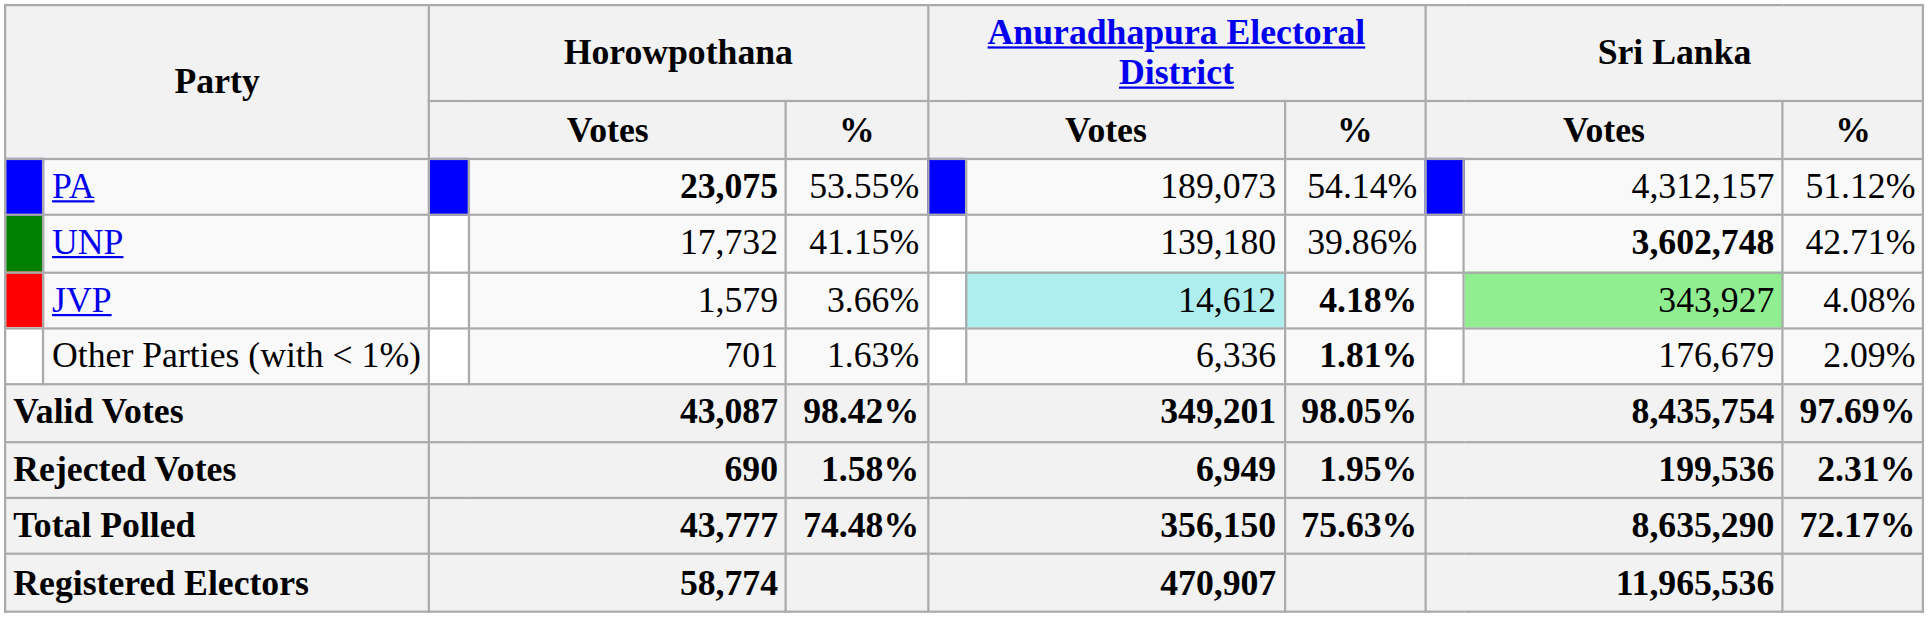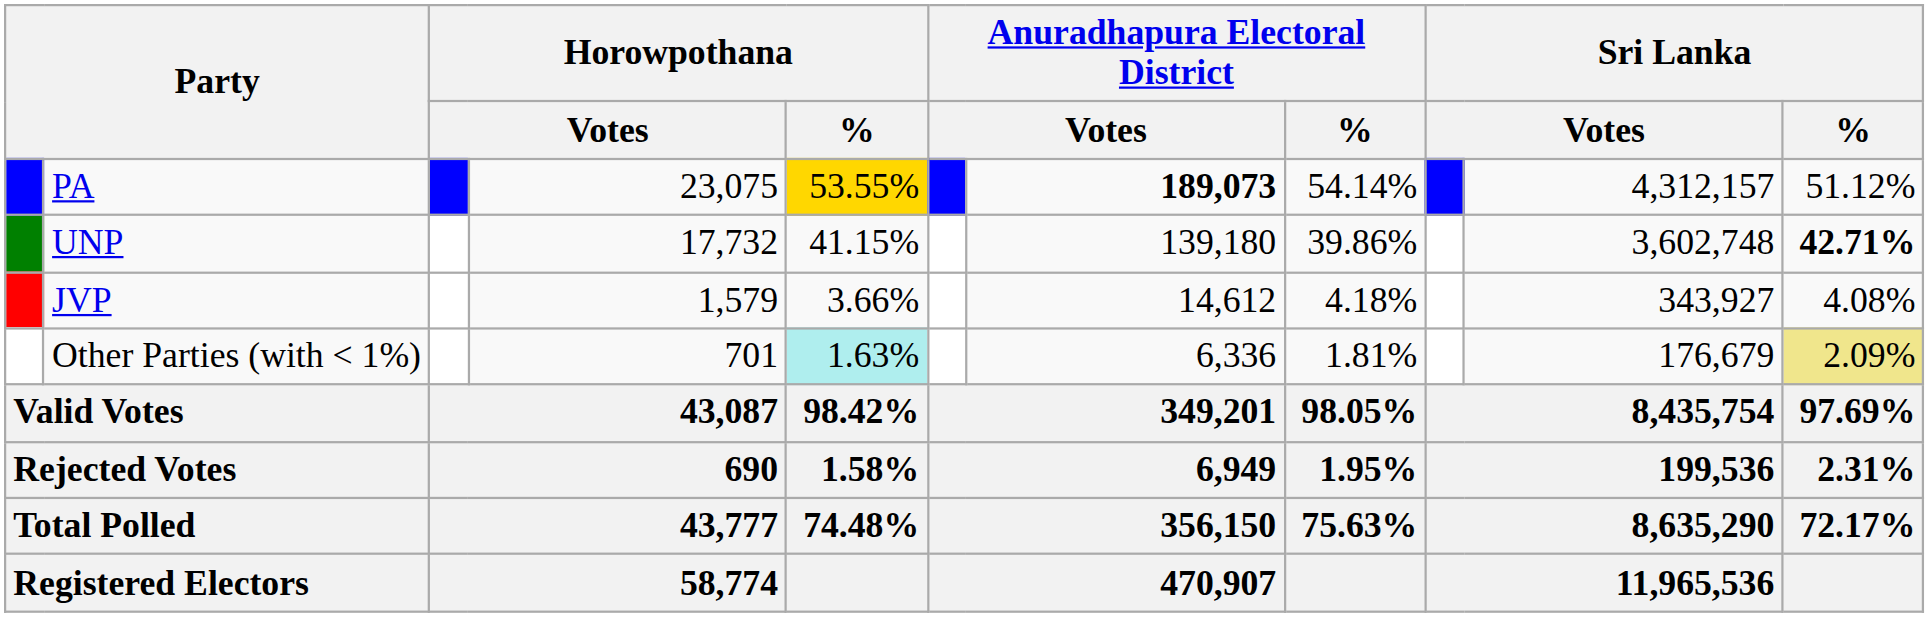 <table class="wikitable">
 <tr>
 <th colspan="2" width="144px"rowspan="2">Party</th>
 <th colspan="3" width="216px">Horowpothana</th>
 <th colspan="3" width="216px"><a href='#'>Anuradhapura Electoral District</a></th>
 <th colspan="3" width="216px">Sri Lanka</th>
 </tr>
 <tr>
 <th colspan="2" width="144px">Votes</th>
 <th>%</th>
 <th colspan="2" width="144px">Votes</th>
 <th>%</th>
 <th colspan="2" width="144px">Votes</th>
 <th>%</th>
 </tr>
 <tr>
 <td style="background-color:blue;" width="10px"></td>
 <td style="text-align:left;"><a href='#'>PA</a></td>
 <td style="background-color:blue;" width="10px"></td>
-<td style="text-align:right;"><strong>23,075</strong></td>
-<td style="text-align:right;">53.55%</td>
+<td style="text-align:right;">23,075</td>
+<td style="background: gold; text-align:right;">53.55%</td>
 <td style="background-color:blue;" width="10px"></td>
-<td style="text-align:right;">189,073</td>
+<td style="text-align:right;"><strong>189,073</strong></td>
 <td style="text-align:right;">54.14%</td>
 <td style="background-color:blue;" width="10px"></td>
 <td style="text-align:right;">4,312,157</td>
 <td style="text-align:right;">51.12%</td>
 </tr>
 <tr>
 <td style="background-color:green;" width="10px"></td>
 <td style="text-align:left;"><a href='#'>UNP</a></td>
 <td style="background-color:white;" width="10px"></td>
 <td style="text-align:right;">17,732</td>
 <td style="text-align:right;">41.15%</td>
 <td style="background-color:white;" width="10px"></td>
 <td style="text-align:right;">139,180</td>
 <td style="text-align:right;">39.86%</td>
 <td style="background-color:white;" width="10px"></td>
-<td style="text-align:right;"><strong>3,602,748</strong></td>
-<td style="text-align:right;">42.71%</td>
+<td style="text-align:right;">3,602,748</td>
+<td style="text-align:right;"><strong>42.71%</strong></td>
 </tr>
 <tr>
 <td style="background-color:red;" width="10px"></td>
 <td style="text-align:left;"><a href='#'>JVP</a></td>
 <td style="background-color:white;" width="10px"></td>
 <td style="text-align:right;">1,579</td>
 <td style="text-align:right;">3.66%</td>
 <td style="background-color:white;" width="10px"></td>
-<td style="background: paleturquoise; text-align:right;">14,612</td>
-<td style="text-align:right;"><strong>4.18%</strong></td>
+<td style="text-align:right;">14,612</td>
+<td style="text-align:right;">4.18%</td>
 <td style="background-color:white;" width="10px"></td>
-<td style="background: lightgreen; text-align:right;">343,927</td>
+<td style="text-align:right;">343,927</td>
 <td style="text-align:right;">4.08%</td>
 </tr>
 <tr>
 <td style="background-color:white;" width="10px"></td>
 <td style="text-align:left;">Other Parties (with < 1%)</td>
 <td style="background-color:white;" width="10px"></td>
 <td style="text-align:right;">701</td>
-<td style="text-align:right;">1.63%</td>
+<td style="background: paleturquoise; text-align:right;">1.63%</td>
 <td style="background-color:white;" width="10px"></td>
 <td style="text-align:right;">6,336</td>
-<td style="text-align:right;"><strong>1.81%</strong></td>
+<td style="text-align:right;">1.81%</td>
 <td style="background-color:white;" width="10px"></td>
 <td style="text-align:right;">176,679</td>
-<td style="text-align:right;">2.09%</td>
+<td style="background: khaki; text-align:right;">2.09%</td>
 </tr>
 <tr>
 <th colspan="2" width="144px"style="text-align:left;">Valid Votes</th>
 <th style="text-align:right;"colspan="2" width="144px">43,087</th>
 <th style="text-align:right;">98.42%</th>
 <th style="text-align:right;"colspan="2" width="144px">349,201</th>
 <th style="text-align:right;">98.05%</th>
 <th style="text-align:right;"colspan="2" width="144px">8,435,754</th>
 <th style="text-align:right;">97.69%</th>
 </tr>
 <tr>
 <th colspan="2" width="144px"style="text-align:left;">Rejected Votes</th>
 <th style="text-align:right;"colspan="2" width="144px">690</th>
 <th style="text-align:right;">1.58%</th>
 <th style="text-align:right;"colspan="2" width="144px">6,949</th>
 <th style="text-align:right;">1.95%</th>
 <th style="text-align:right;"colspan="2" width="144px">199,536</th>
 <th style="text-align:right;">2.31%</th>
 </tr>
 <tr>
 <th colspan="2" width="144px"style="text-align:left;">Total Polled</th>
 <th style="text-align:right;"colspan="2" width="144px">43,777</th>
 <th style="text-align:right;">74.48%</th>
 <th style="text-align:right;"colspan="2" width="144px">356,150</th>
 <th style="text-align:right;">75.63%</th>
 <th style="text-align:right;"colspan="2" width="144px">8,635,290</th>
 <th style="text-align:right;">72.17%</th>
 </tr>
 <tr>
 <th colspan="2" width="144px"style="text-align:left;">Registered Electors</th>
 <th style="text-align:right;"colspan="2" width="144px">58,774</th>
 <th></th>
 <th style="text-align:right;"colspan="2" width="144px">470,907</th>
 <th></th>
 <th style="text-align:right;"colspan="2" width="144px">11,965,536</th>
 <th></th>
 </tr>
 </table>
